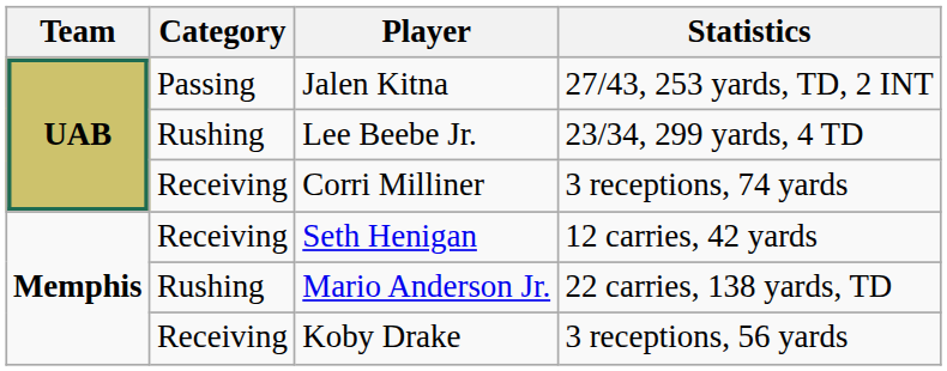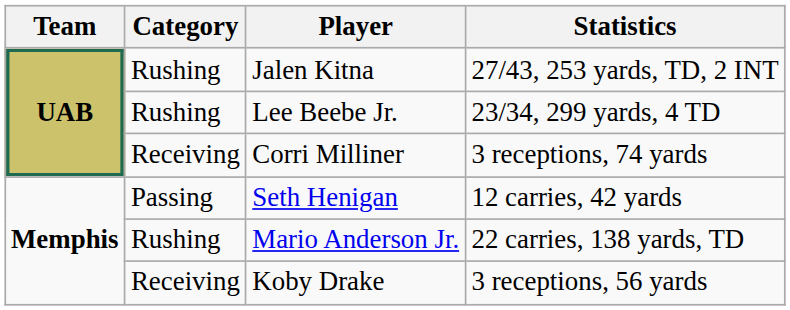 <table class="wikitable" style="float: right;">
 <tr>
 <th>Team</th>
 <th>Category</th>
 <th>Player</th>
 <th>Statistics</th>
 </tr>
 <tr>
 <td rowspan=3 style="background-color:#CDC26C;color:#000000;box-shadow: inset 2px 2px 0 #1E6B52, inset -2px -2px 0 #1E6B52; text-align:center;"><strong>UAB</strong></td>
-<td>Passing</td>
+<td>Rushing</td>
 <td>Jalen Kitna</td>
 <td>27/43, 253 yards, TD, 2 INT</td>
 </tr>
 <tr>
 <td>Rushing</td>
 <td>Lee Beebe Jr.</td>
 <td>23/34, 299 yards, 4 TD</td>
 </tr>
 <tr>
 <td>Receiving</td>
 <td>Corri Milliner</td>
 <td>3 receptions, 74 yards</td>
 </tr>
 <tr>
 <td rowspan=3><strong>Memphis</strong></td>
-<td>Receiving</td>
+<td>Passing</td>
 <td><a href='#'>Seth Henigan</a></td>
 <td>12 carries, 42 yards</td>
 </tr>
 <tr>
 <td>Rushing</td>
 <td><a href='#'>Mario Anderson Jr.</a></td>
 <td>22 carries, 138 yards, TD</td>
 </tr>
 <tr>
 <td>Receiving</td>
 <td>Koby Drake</td>
 <td>3 receptions, 56 yards</td>
 </tr>
 </table>
